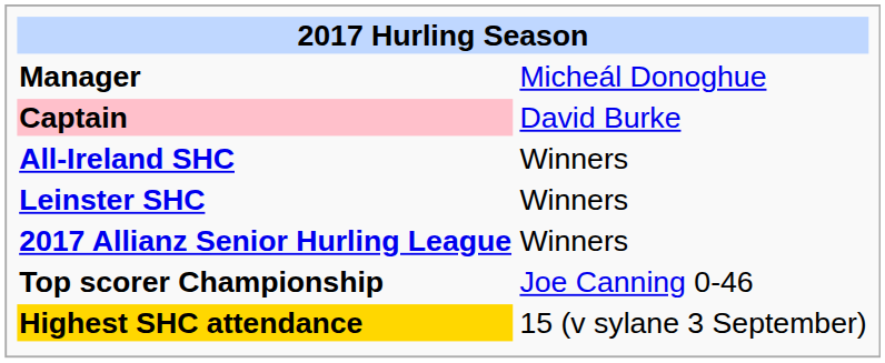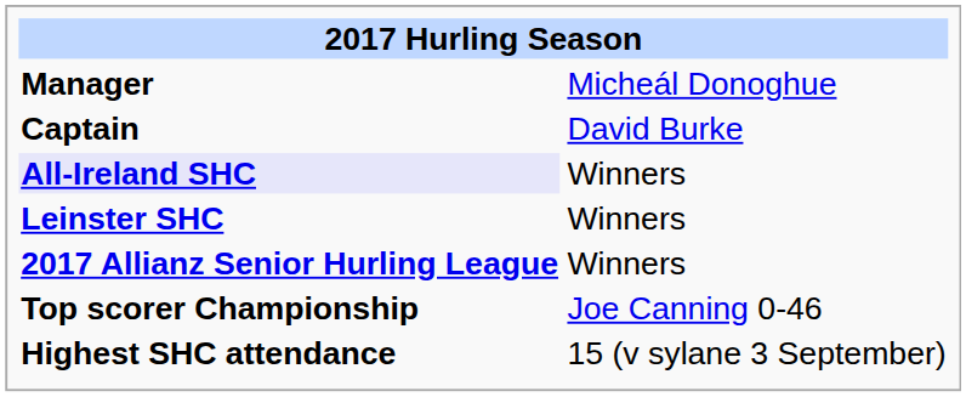 <table class="infobox vevent" style="font-size: 90%;">
 <tr>
 <th style="background: #BFD7FF; text-align: center" colspan="3">2017 Hurling Season</th>
 </tr>
 <tr>
 <td><strong>Manager</strong></td>
 <td colspan="2"><a href='#'>Micheál Donoghue</a></td>
 </tr>
 <tr>
-<td style="background: pink;"><strong>Captain</strong></td>
+<td><strong>Captain</strong></td>
 <td colspan="2"><a href='#'>David Burke</a></td>
 </tr>
 <tr>
-<td><strong><a href='#'>All-Ireland SHC</a></strong></td>
+<td style="background: lavender;"><strong><a href='#'>All-Ireland SHC</a></strong></td>
 <td colspan="2">Winners</td>
 </tr>
 <tr>
 <td><strong><a href='#'>Leinster SHC</a></strong></td>
 <td colspan="2">Winners</td>
 </tr>
 <tr>
 <td><strong><a href='#'>2017 Allianz Senior Hurling League</a></strong></td>
 <td colspan="2">Winners</td>
 </tr>
 <tr>
 <td><strong>Top scorer Championship</strong></td>
 <td colspan="2"><a href='#'>Joe Canning</a> 0-46</td>
 </tr>
 <tr>
-<td style="background: gold;"><strong>Highest SHC attendance</strong></td>
+<td><strong>Highest SHC attendance</strong></td>
 <td colspan="2">15 (v sylane 3 September)</td>
 </tr>
 <tr>
 </tr>
 </table>
